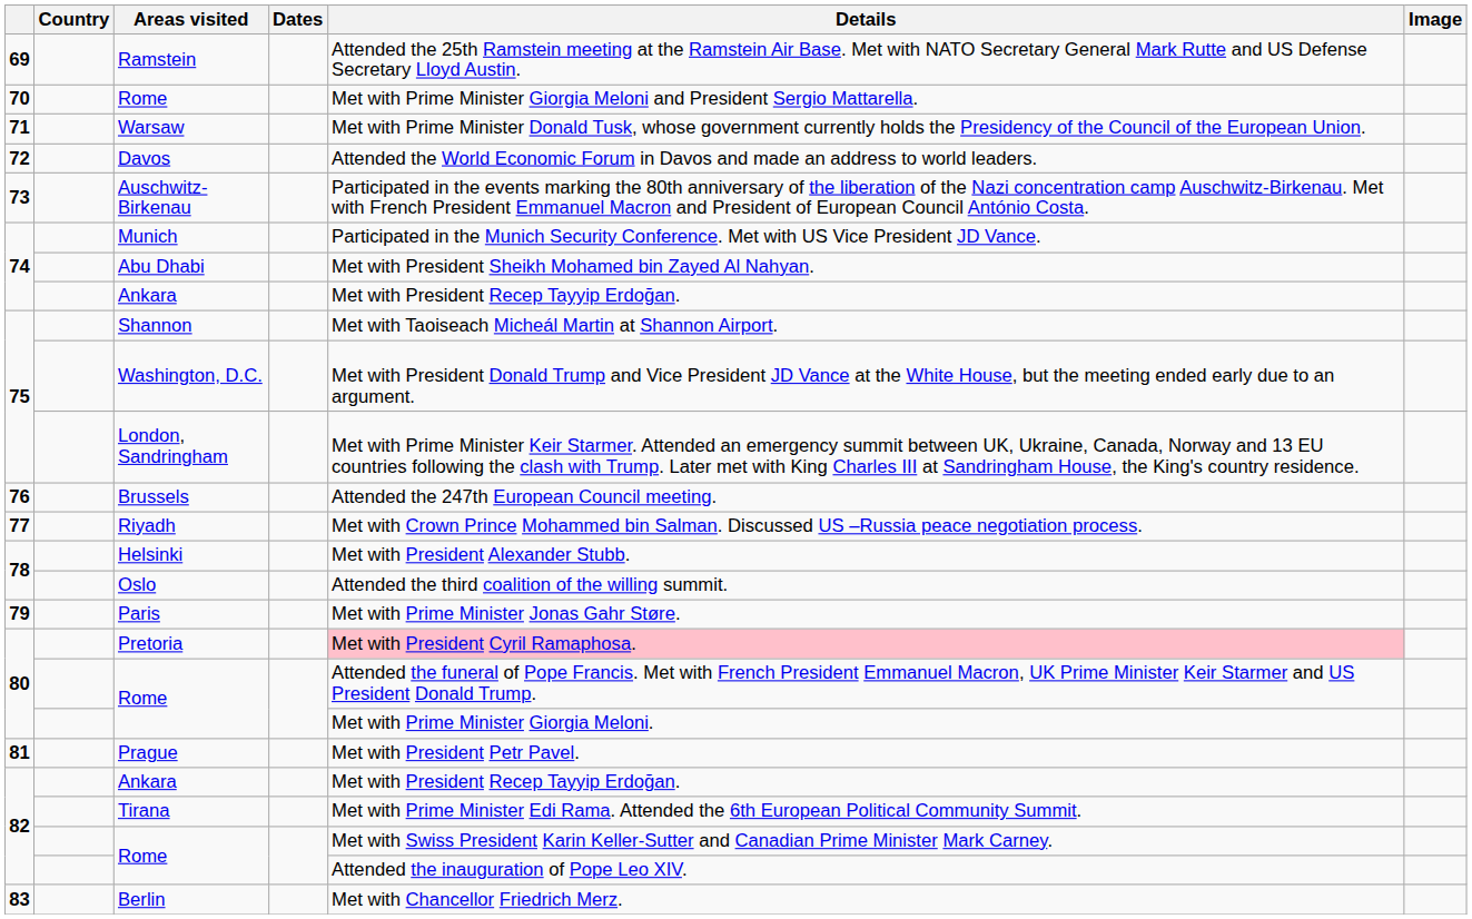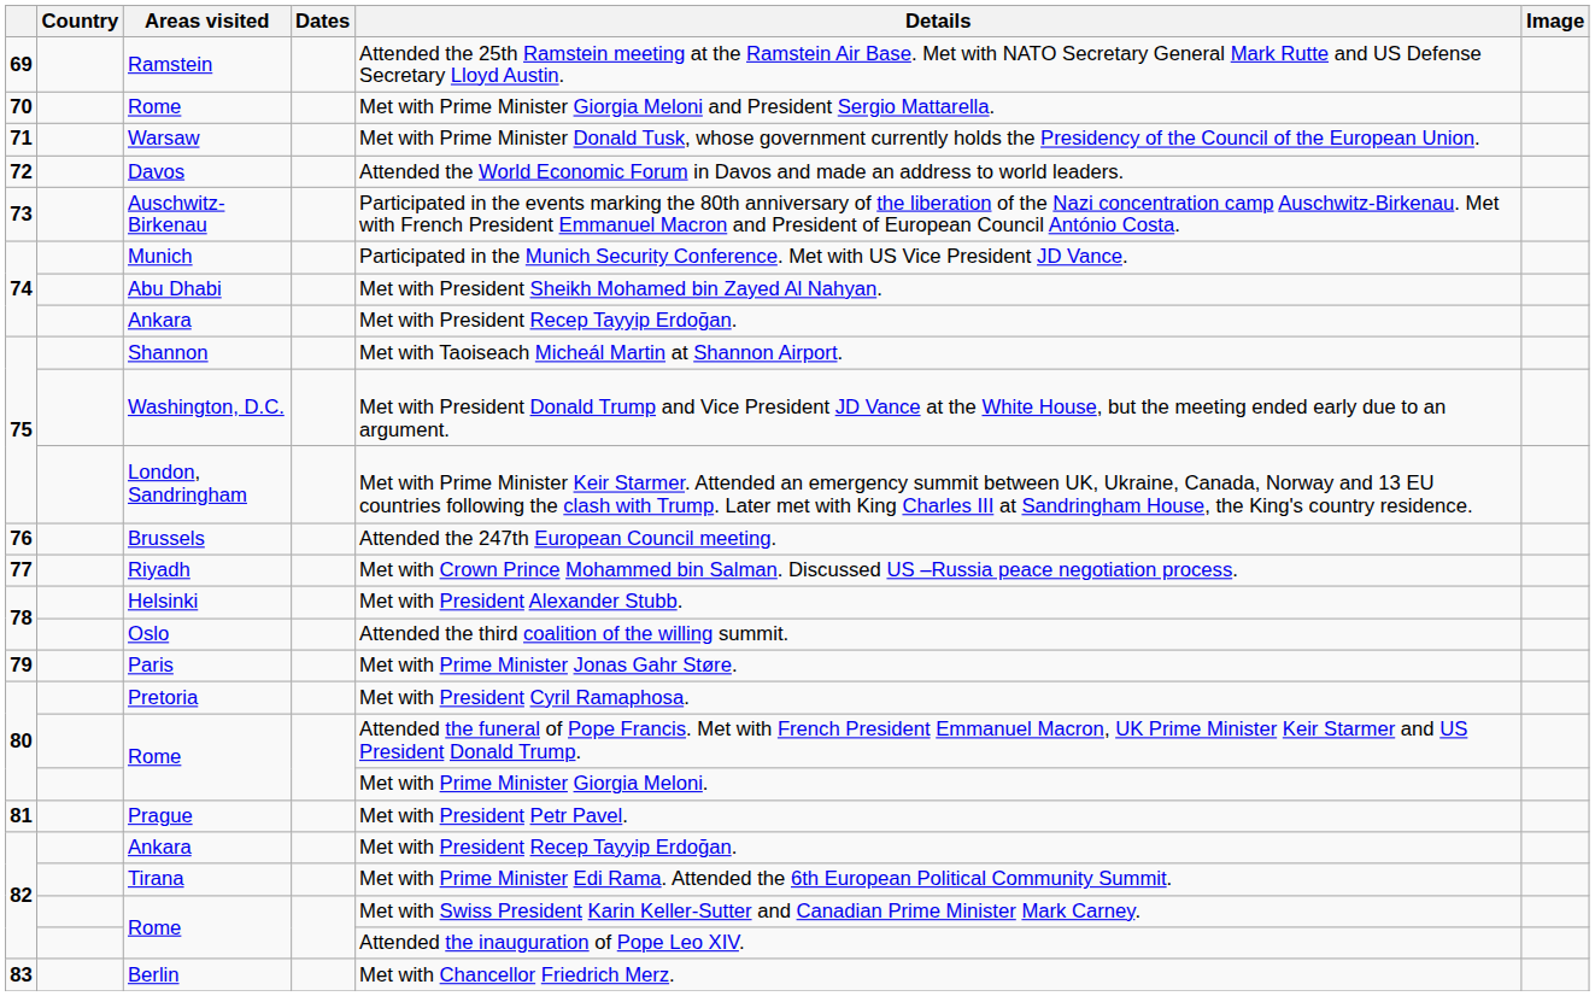 <table class="wikitable sortable" style="margin: 1em auto 1em auto">
 <tr>
 <th></th>
 <th>Country</th>
 <th>Areas visited</th>
 <th>Dates</th>
 <th>Details</th>
 <th class="unsortable">Image</th>
 </tr>
 <tr>
 <td><strong>69</strong></td>
 <td></td>
 <td><a href='#'>Ramstein</a></td>
 <td></td>
 <td>Attended the 25th <a href='#'>Ramstein meeting</a> at the <a href='#'>Ramstein Air Base</a>. Met with NATO Secretary General <a href='#'>Mark Rutte</a> and US Defense Secretary <a href='#'>Lloyd Austin</a>.</td>
 <td></td>
 </tr>
 <tr>
 <td><strong>70</strong></td>
 <td></td>
 <td><a href='#'>Rome</a></td>
 <td></td>
 <td>Met with Prime Minister <a href='#'>Giorgia Meloni</a> and President <a href='#'>Sergio Mattarella</a>.</td>
 <td></td>
 </tr>
 <tr>
 <td><strong>71</strong></td>
 <td></td>
 <td><a href='#'>Warsaw</a></td>
 <td></td>
 <td>Met with Prime Minister <a href='#'>Donald Tusk</a>, whose government currently holds the <a href='#'>Presidency of the Council of the European Union</a>.</td>
 <td></td>
 </tr>
 <tr>
 <td><strong>72</strong></td>
 <td></td>
 <td><a href='#'>Davos</a></td>
 <td></td>
 <td>Attended the <a href='#'>World Economic Forum</a> in Davos and made an address to world leaders.</td>
 <td></td>
 </tr>
 <tr>
 <td><strong>73</strong></td>
 <td></td>
 <td><a href='#'>Auschwitz-Birkenau</a></td>
 <td></td>
 <td>Participated in the events marking the 80th anniversary of <a href='#'>the liberation</a> of the <a href='#'>Nazi concentration camp</a> <a href='#'>Auschwitz-Birkenau</a>. Met with French President <a href='#'>Emmanuel Macron</a> and President of European Council <a href='#'>António Costa</a>.</td>
 <td></td>
 </tr>
 <tr>
 <td rowspan="3"><strong>74</strong></td>
 <td></td>
 <td><a href='#'>Munich</a></td>
 <td></td>
 <td>Participated in the <a href='#'>Munich Security Conference</a>. Met with US Vice President <a href='#'>JD Vance</a>.</td>
 <td></td>
 </tr>
 <tr>
 <td></td>
 <td><a href='#'>Abu Dhabi</a></td>
 <td></td>
 <td>Met with President <a href='#'>Sheikh Mohamed bin Zayed Al Nahyan</a>.</td>
 <td></td>
 </tr>
 <tr>
 <td></td>
 <td><a href='#'>Ankara</a></td>
 <td></td>
 <td>Met with President <a href='#'>Recep Tayyip Erdoğan</a>.</td>
 <td></td>
 </tr>
 <tr>
 <td rowspan="3"><strong>75</strong></td>
 <td></td>
 <td><a href='#'>Shannon</a></td>
 <td></td>
 <td>Met with Taoiseach <a href='#'>Micheál Martin</a> at <a href='#'>Shannon Airport</a>.</td>
 <td></td>
 </tr>
 <tr>
 <td></td>
 <td><a href='#'>Washington, D.C.</a></td>
 <td></td>
 <td><br>Met with President <a href='#'>Donald Trump</a> and Vice President <a href='#'>JD Vance</a> at the <a href='#'>White House</a>, but the meeting ended early due to an argument.</td>
 <td></td>
 </tr>
 <tr>
 <td></td>
 <td><a href='#'>London</a>, <a href='#'>Sandringham</a></td>
 <td></td>
 <td><br>Met with Prime Minister <a href='#'>Keir Starmer</a>. Attended an emergency summit between UK, Ukraine, Canada, Norway and 13 EU countries following the <a href='#'>clash with Trump</a>. Later met with King <a href='#'>Charles III</a> at <a href='#'>Sandringham House</a>, the King's country residence.</td>
 <td></td>
 </tr>
 <tr>
 <td><strong>76</strong></td>
 <td></td>
 <td><a href='#'>Brussels</a></td>
 <td></td>
 <td>Attended the 247th <a href='#'>European Council meeting</a>.</td>
 <td></td>
 </tr>
 <tr>
 <td><strong>77</strong></td>
 <td></td>
 <td><a href='#'>Riyadh</a></td>
 <td></td>
 <td>Met with <a href='#'>Crown Prince</a> <a href='#'>Mohammed bin Salman</a>. Discussed <a href='#'>US –Russia peace negotiation process</a>.</td>
 <td></td>
 </tr>
 <tr>
 <td rowspan="2"><strong>78</strong></td>
 <td></td>
 <td><a href='#'>Helsinki</a></td>
 <td></td>
 <td>Met with <a href='#'>President</a> <a href='#'>Alexander Stubb</a>.</td>
 <td></td>
 </tr>
 <tr>
 <td></td>
 <td><a href='#'>Oslo</a></td>
 <td></td>
 <td>Attended the third <a href='#'>coalition of the willing</a> summit.</td>
 <td></td>
 </tr>
 <tr>
 <td><strong>79</strong></td>
 <td></td>
 <td><a href='#'>Paris</a></td>
 <td></td>
 <td>Met with <a href='#'>Prime Minister</a> <a href='#'>Jonas Gahr Støre</a>.</td>
 <td></td>
 </tr>
 <tr>
 <td rowspan="3"><strong>80</strong></td>
 <td></td>
 <td><a href='#'>Pretoria</a></td>
 <td></td>
-<td style="background: pink;">Met with <a href='#'>President</a> <a href='#'>Cyril Ramaphosa</a>.</td>
+<td>Met with <a href='#'>President</a> <a href='#'>Cyril Ramaphosa</a>.</td>
 <td></td>
 </tr>
 <tr>
 <td></td>
 <td rowspan="2"><a href='#'>Rome</a></td>
 <td rowspan="2"></td>
 <td>Attended <a href='#'>the funeral</a> of <a href='#'>Pope Francis</a>. Met with <a href='#'>French President</a> <a href='#'>Emmanuel Macron</a>, <a href='#'>UK Prime Minister</a> <a href='#'>Keir Starmer</a> and <a href='#'>US President</a> <a href='#'>Donald Trump</a>.</td>
 <td></td>
 </tr>
 <tr>
 <td></td>
 <td>Met with <a href='#'>Prime Minister</a> <a href='#'>Giorgia Meloni</a>.</td>
 <td></td>
 </tr>
 <tr>
 <td><strong>81</strong></td>
 <td></td>
 <td><a href='#'>Prague</a></td>
 <td></td>
 <td>Met with <a href='#'>President</a> <a href='#'>Petr Pavel</a>.</td>
 <td></td>
 </tr>
 <tr>
 <td rowspan="4"><strong>82</strong></td>
 <td></td>
 <td><a href='#'>Ankara</a></td>
 <td></td>
 <td>Met with <a href='#'>President</a> <a href='#'>Recep Tayyip Erdoğan</a>.</td>
 <td></td>
 </tr>
 <tr>
 <td></td>
 <td><a href='#'>Tirana</a></td>
 <td></td>
 <td>Met with <a href='#'>Prime Minister</a> <a href='#'>Edi Rama</a>. Attended the <a href='#'>6th European Political Community Summit</a>.</td>
 <td></td>
 </tr>
 <tr>
 <td></td>
 <td rowspan="2"><a href='#'>Rome</a></td>
 <td rowspan="2"></td>
 <td>Met with <a href='#'>Swiss President</a> <a href='#'>Karin Keller-Sutter</a> and <a href='#'>Canadian Prime Minister</a> <a href='#'>Mark Carney</a>.</td>
 <td></td>
 </tr>
 <tr>
 <td></td>
 <td>Attended <a href='#'>the inauguration</a> of <a href='#'>Pope Leo XIV</a>.</td>
 <td></td>
 </tr>
 <tr>
 <td><strong>83</strong></td>
 <td></td>
 <td><a href='#'>Berlin</a></td>
 <td></td>
 <td>Met with <a href='#'>Chancellor</a> <a href='#'>Friedrich Merz</a>.</td>
 <td></td>
 </tr>
 </table>
